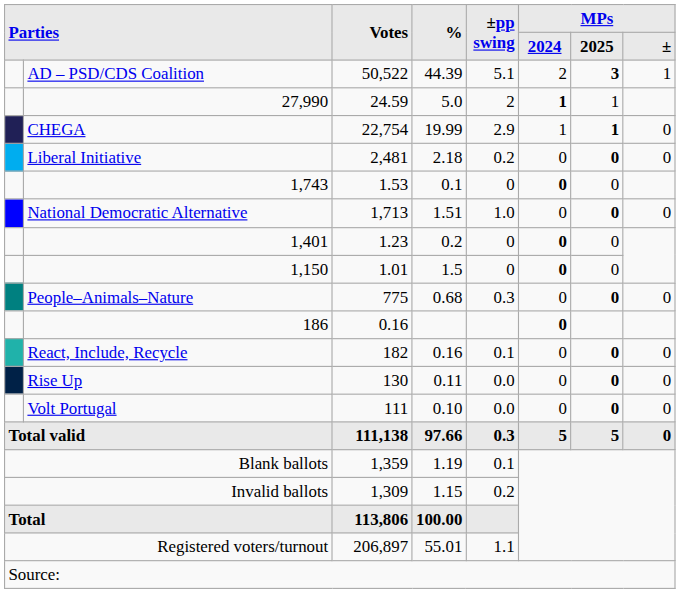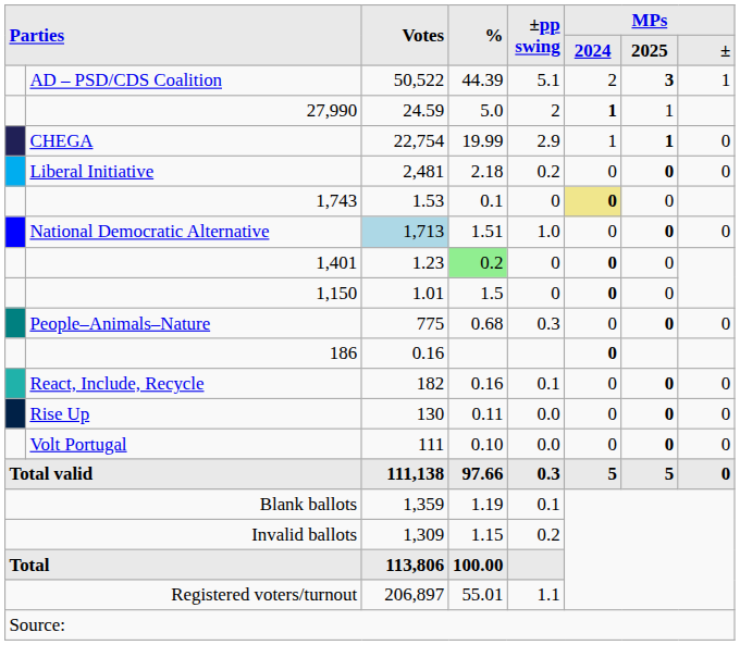 <table class="wikitable" style="text-align:right; font-size:95%;">
 <tr>
 <th rowspan="2" colspan="2" style="background:#e9e9e9; text-align:left;" alignleft><a href='#'>Parties</a></th>
 <th rowspan="2" style="background:#e9e9e9; text-align:right;">Votes</th>
 <th rowspan="2" style="background:#e9e9e9; text-align:right;">%</th>
 <th rowspan="2" style="background:#e9e9e9; text-align:right;">±<a href='#'>pp</a> <a href='#'>swing</a></th>
 <th colspan="3" style="background:#e9e9e9; text-align:center;"><a href='#'>MPs</a></th>
 </tr>
 <tr style="background-color:#E9E9E9">
 <th style="background-color:#E9E9E9;text-align:center;"><a href='#'>2024</a></th>
 <th style="background-color:#E9E9E9;text-align:center;">2025</th>
 <th style="background:#e9e9e9; text-align:right;">±</th>
 </tr>
 <tr>
 <td style="width: 10px" bgcolor=></td>
 <td align="left"><a href='#'>AD – PSD/CDS Coalition</a> </td>
 <td>50,522</td>
 <td>44.39</td>
 <td>5.1</td>
 <td>2</td>
 <td><strong>3</strong></td>
 <td>1</td>
 </tr>
 <tr>
 <td></td>
 <td>27,990</td>
 <td>24.59</td>
 <td>5.0</td>
 <td>2</td>
 <td><strong>1</strong></td>
 <td>1</td>
 </tr>
 <tr>
 <td style="width: 10px" bgcolor="#202056" align="center"></td>
 <td align="left"><a href='#'>CHEGA</a></td>
 <td>22,754</td>
 <td>19.99</td>
 <td>2.9</td>
 <td>1</td>
 <td><strong>1</strong></td>
 <td>0</td>
 </tr>
 <tr>
 <td style="width: 10px" bgcolor="#00ADEF" align="center"></td>
 <td align="left"><a href='#'>Liberal Initiative</a></td>
 <td>2,481</td>
 <td>2.18</td>
 <td>0.2</td>
 <td>0</td>
 <td><strong>0</strong></td>
 <td>0</td>
 </tr>
 <tr>
 <td></td>
 <td>1,743</td>
 <td>1.53</td>
 <td>0.1</td>
 <td>0</td>
-<td><strong>0</strong></td>
+<td style="background: khaki;"><strong>0</strong></td>
 <td>0</td>
 </tr>
 <tr>
 <td style="width: 10px" bgcolor="blue" align="center"></td>
 <td align="left"><a href='#'>National Democratic Alternative</a></td>
-<td>1,713</td>
+<td style="background: lightblue;">1,713</td>
 <td>1.51</td>
 <td>1.0</td>
 <td>0</td>
 <td><strong>0</strong></td>
 <td>0</td>
 </tr>
 <tr>
 <td></td>
 <td>1,401</td>
 <td>1.23</td>
-<td>0.2</td>
+<td style="background: lightgreen;">0.2</td>
 <td>0</td>
 <td><strong>0</strong></td>
 <td>0</td>
 </tr>
 <tr>
 <td></td>
 <td>1,150</td>
 <td>1.01</td>
 <td>1.5</td>
 <td>0</td>
 <td><strong>0</strong></td>
 <td>0</td>
 </tr>
 <tr>
 <td style="width: 10px" bgcolor="teal" align="center"></td>
 <td align="left"><a href='#'>People–Animals–Nature</a></td>
 <td>775</td>
 <td>0.68</td>
 <td>0.3</td>
 <td>0</td>
 <td><strong>0</strong></td>
 <td>0</td>
 </tr>
 <tr>
 <td></td>
 <td>186</td>
 <td>0.16</td>
 <td></td>
 <td></td>
 <td><strong>0</strong></td>
 <td></td>
 </tr>
 <tr>
 <td style="width: 10px" bgcolor="LightSeaGreen" align="center"></td>
 <td align="left"><a href='#'>React, Include, Recycle</a></td>
 <td>182</td>
 <td>0.16</td>
 <td>0.1</td>
 <td>0</td>
 <td><strong>0</strong></td>
 <td>0</td>
 </tr>
 <tr>
 <td style="width: 10px" bgcolor="#002147" align="center"></td>
 <td align="left"><a href='#'>Rise Up</a></td>
 <td>130</td>
 <td>0.11</td>
 <td>0.0</td>
 <td>0</td>
 <td><strong>0</strong></td>
 <td>0</td>
 </tr>
 <tr>
 <td style="width: 10px"></td>
 <td align="left"><a href='#'>Volt Portugal</a></td>
 <td>111</td>
 <td>0.10</td>
 <td>0.0</td>
 <td>0</td>
 <td><strong>0</strong></td>
 <td>0</td>
 </tr>
 <tr>
 <td colspan=2 width="288" align=left style="background-color:#E9E9E9"><strong>Total valid</strong></td>
 <td width="65" align="right" style="background-color:#E9E9E9"><strong>111,138</strong></td>
 <td width="40" align="right" style="background-color:#E9E9E9"><strong>97.66</strong></td>
 <td width="40" align="right" style="background-color:#E9E9E9"><strong>0.3</strong></td>
 <td width="40" align="right" style="background-color:#E9E9E9"><strong>5</strong></td>
 <td width="40" align="right" style="background-color:#E9E9E9"><strong>5</strong></td>
 <td width="40" align="right" style="background-color:#E9E9E9"><strong>0</strong></td>
 </tr>
 <tr>
 <td colspan=2>Blank ballots</td>
 <td>1,359</td>
 <td>1.19</td>
 <td>0.1</td>
 <td colspan=3 rowspan=4></td>
 </tr>
 <tr>
 <td colspan=2>Invalid ballots</td>
 <td>1,309</td>
 <td>1.15</td>
 <td>0.2</td>
 </tr>
 <tr>
 <td colspan=2 align=left style="background-color:#E9E9E9"><strong>Total</strong></td>
 <td width="50" align="right" style="background-color:#E9E9E9"><strong>113,806</strong></td>
 <td width="40" align="right" style="background-color:#E9E9E9"><strong>100.00</strong></td>
 <td width="40" align="right" style="background-color:#E9E9E9"></td>
 </tr>
 <tr>
 <td colspan=2>Registered voters/turnout</td>
 <td>206,897</td>
 <td>55.01</td>
 <td>1.1</td>
 </tr>
 <tr>
 <td colspan=8 align=left>Source: </td>
 </tr>
 </table>
